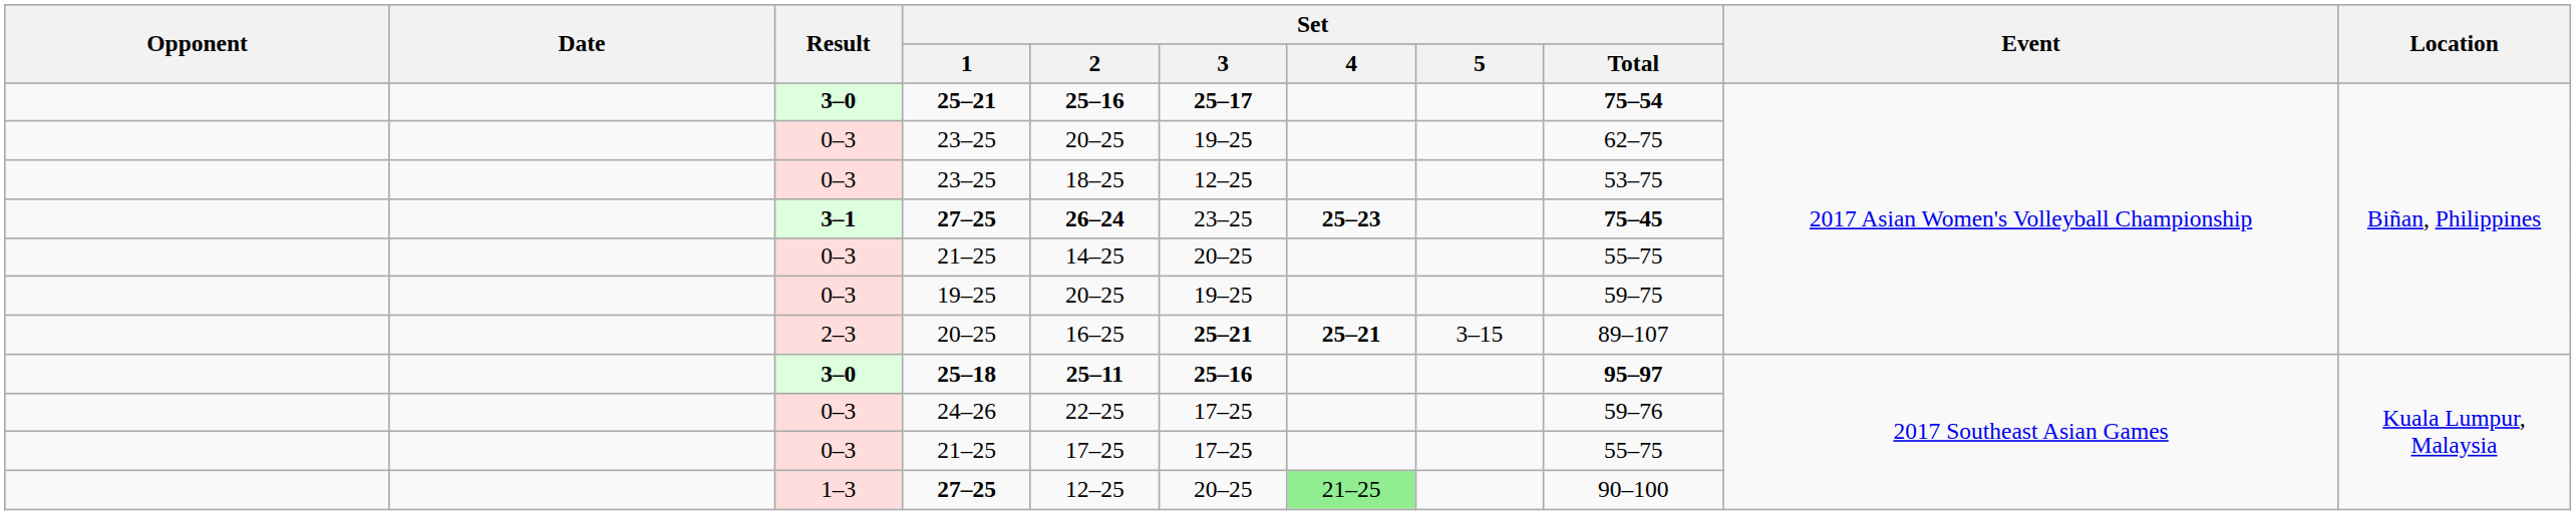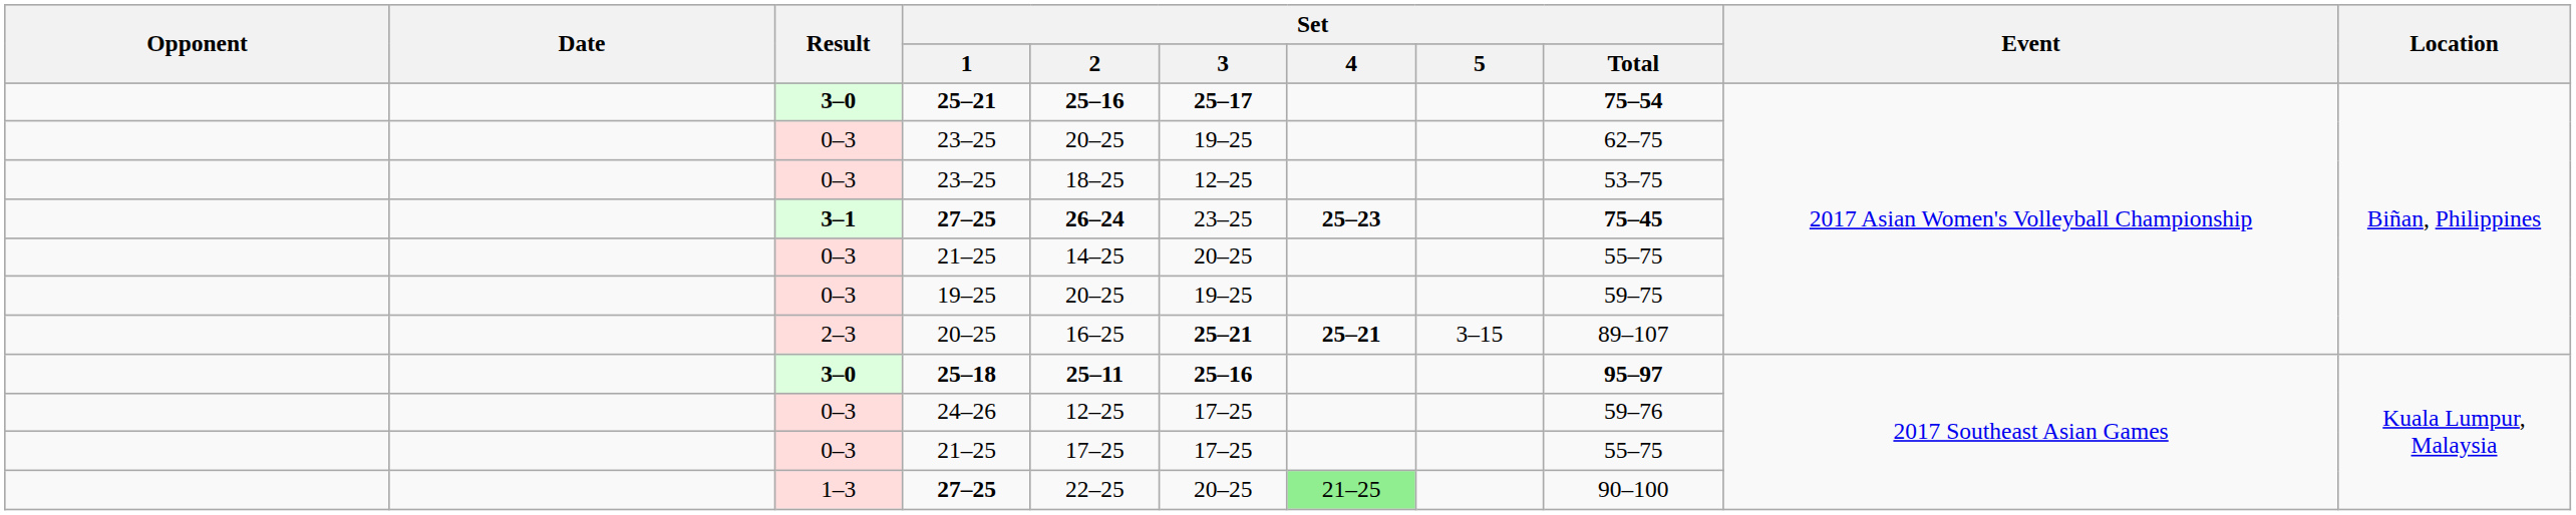 <table class="wikitable" style="font-size: 90%">
 <tr>
 <th rowspan=2 width=15%>Opponent</th>
 <th rowspan=2 width=15%>Date</th>
 <th rowspan=2 width=5%>Result</th>
 <th colspan=6>Set</th>
 <th rowspan=2 width=24%>Event</th>
 <th rowspan=2 width=16%>Location</th>
 </tr>
 <tr>
 <th width=5%>1</th>
 <th width=5%>2</th>
 <th width=5%>3</th>
 <th width=5%>4</th>
 <th width=5%>5</th>
 <th width=7%>Total</th>
 </tr>
 <tr style="text-align:center;">
 <td style="text-align:left;"></td>
 <td></td>
 <td style="background:#ddffdd;"><strong>3–0</strong></td>
 <td><strong>25–21</strong></td>
 <td><strong>25–16</strong></td>
 <td><strong>25–17</strong></td>
 <td></td>
 <td></td>
 <td><strong>75–54</strong></td>
 <td rowspan=7><a href='#'>2017 Asian Women's Volleyball Championship</a></td>
 <td rowspan=7><a href='#'>Biñan</a>, <a href='#'>Philippines</a></td>
 </tr>
 <tr style="text-align:center;">
 <td style="text-align:left;"></td>
 <td></td>
 <td style="background:#ffdddd;">0–3</td>
 <td>23–25</td>
 <td>20–25</td>
 <td>19–25</td>
 <td></td>
 <td></td>
 <td>62–75</td>
 </tr>
 <tr style="text-align:center;">
 <td style="text-align:left;"></td>
 <td></td>
 <td style="background:#ffdddd;">0–3</td>
 <td>23–25</td>
 <td>18–25</td>
 <td>12–25</td>
 <td></td>
 <td></td>
 <td>53–75</td>
 </tr>
 <tr style="text-align:center;">
 <td style="text-align:left;"></td>
 <td></td>
 <td style="background:#ddffdd;"><strong>3–1</strong></td>
 <td><strong>27–25</strong></td>
 <td><strong>26–24</strong></td>
 <td>23–25</td>
 <td><strong>25–23</strong></td>
 <td></td>
 <td><strong>75–45</strong></td>
 </tr>
 <tr style="text-align:center;">
 <td style="text-align:left;"></td>
 <td></td>
 <td style="background:#ffdddd;">0–3</td>
 <td>21–25</td>
 <td>14–25</td>
 <td>20–25</td>
 <td></td>
 <td></td>
 <td>55–75</td>
 </tr>
 <tr style="text-align:center;">
 <td style="text-align:left;"></td>
 <td></td>
 <td style="background:#ffdddd;">0–3</td>
 <td>19–25</td>
 <td>20–25</td>
 <td>19–25</td>
 <td></td>
 <td></td>
 <td>59–75</td>
 </tr>
 <tr style="text-align:center;">
 <td style="text-align:left;"></td>
 <td></td>
 <td style="background:#ffdddd;">2–3</td>
 <td>20–25</td>
 <td>16–25</td>
 <td><strong>25–21</strong></td>
 <td><strong>25–21</strong></td>
 <td>3–15</td>
 <td>89–107</td>
 </tr>
 <tr style="text-align:center;">
 <td style="text-align:left;"></td>
 <td></td>
 <td style="background:#ddffdd;"><strong>3–0</strong></td>
 <td><strong>25–18</strong></td>
 <td><strong>25–11</strong></td>
 <td><strong>25–16</strong></td>
 <td></td>
 <td></td>
 <td><strong>95–97</strong></td>
 <td rowspan=4><a href='#'>2017 Southeast Asian Games</a></td>
 <td rowspan=4><a href='#'>Kuala Lumpur</a>, <a href='#'>Malaysia</a></td>
 </tr>
 <tr style="text-align:center;">
 <td style="text-align:left;"></td>
 <td></td>
 <td style="background:#ffdddd;">0–3</td>
 <td>24–26</td>
-<td>22–25</td>
+<td>12–25</td>
 <td>17–25</td>
 <td></td>
 <td></td>
 <td>59–76</td>
 </tr>
 <tr style="text-align:center;">
 <td style="text-align:left;"></td>
 <td></td>
 <td style="background:#ffdddd;">0–3</td>
 <td>21–25</td>
 <td>17–25</td>
 <td>17–25</td>
 <td></td>
 <td></td>
 <td>55–75</td>
 </tr>
 <tr style="text-align:center;">
 <td style="text-align:left;"></td>
 <td></td>
 <td style="background:#ffdddd;">1–3</td>
 <td><strong>27–25</strong></td>
-<td>12–25</td>
+<td>22–25</td>
 <td>20–25</td>
 <td style="background: lightgreen;">21–25</td>
 <td></td>
 <td>90–100</td>
 </tr>
 </table>
